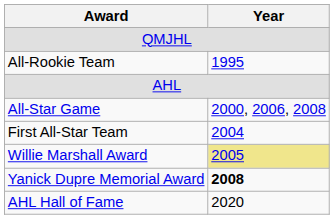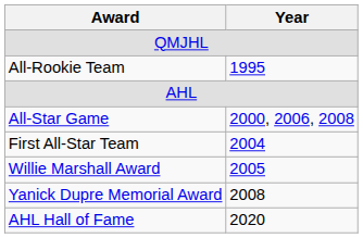 <table class="wikitable">
 <tr>
 <th>Award</th>
 <th>Year</th>
 </tr>
 <tr ALIGN="center" bgcolor="#e0e0e0">
 <td colspan="3"><a href='#'>QMJHL</a></td>
 </tr>
 <tr>
 <td>All-Rookie Team</td>
 <td><a href='#'>1995</a></td>
 </tr>
 <tr ALIGN="center" bgcolor="#e0e0e0">
 <td colspan="3"><a href='#'>AHL</a></td>
 </tr>
 <tr>
 <td><a href='#'>All-Star Game</a></td>
 <td><a href='#'>2000</a>, <a href='#'>2006</a>, <a href='#'>2008</a></td>
 </tr>
 <tr>
 <td>First All-Star Team</td>
 <td><a href='#'>2004</a></td>
 </tr>
 <tr>
 <td><a href='#'>Willie Marshall Award</a></td>
-<td style="background: khaki;"><a href='#'>2005</a></td>
+<td><a href='#'>2005</a></td>
 </tr>
 <tr>
 <td><a href='#'>Yanick Dupre Memorial Award</a></td>
-<td><strong>2008</strong></td>
+<td>2008</td>
 </tr>
 <tr>
 <td><a href='#'>AHL Hall of Fame</a></td>
 <td>2020</td>
 </tr>
 </table>
